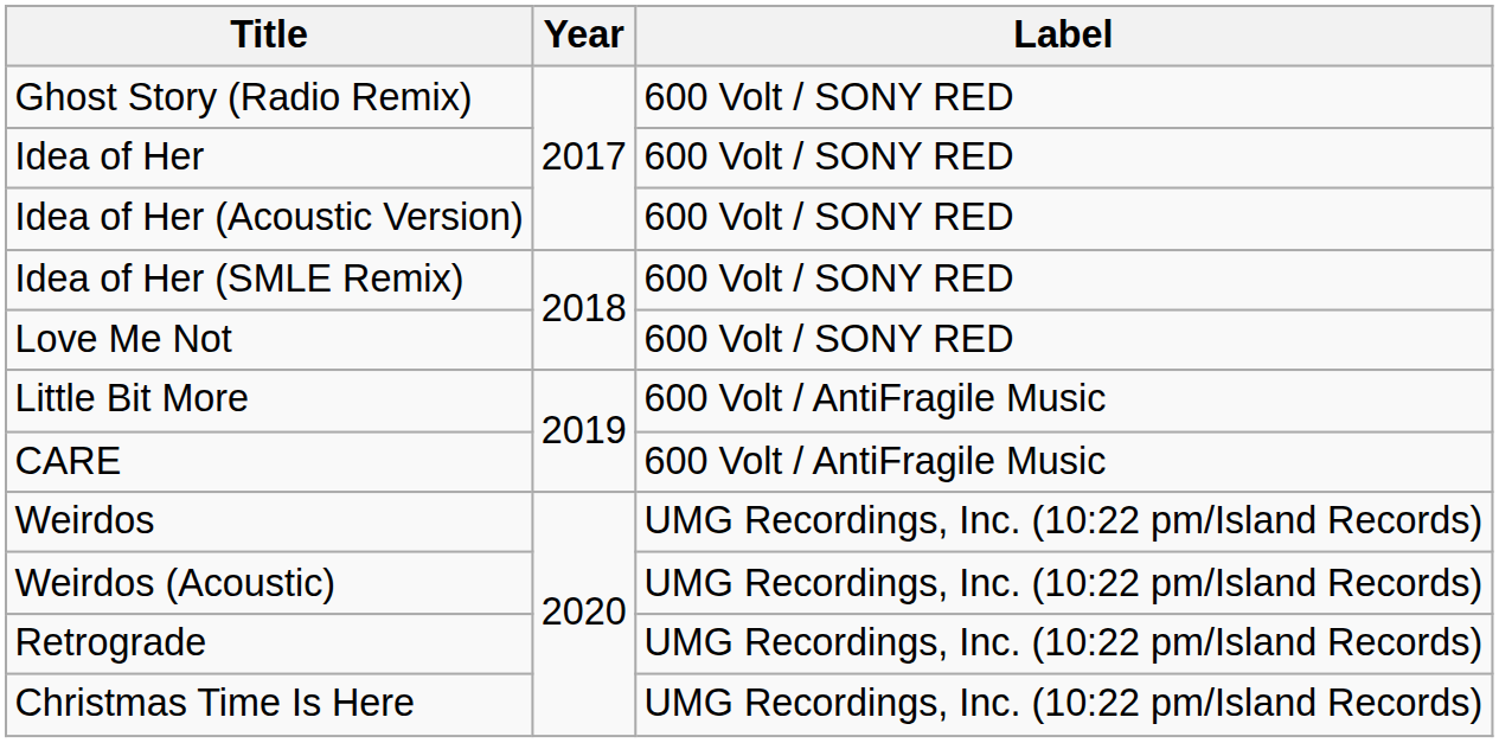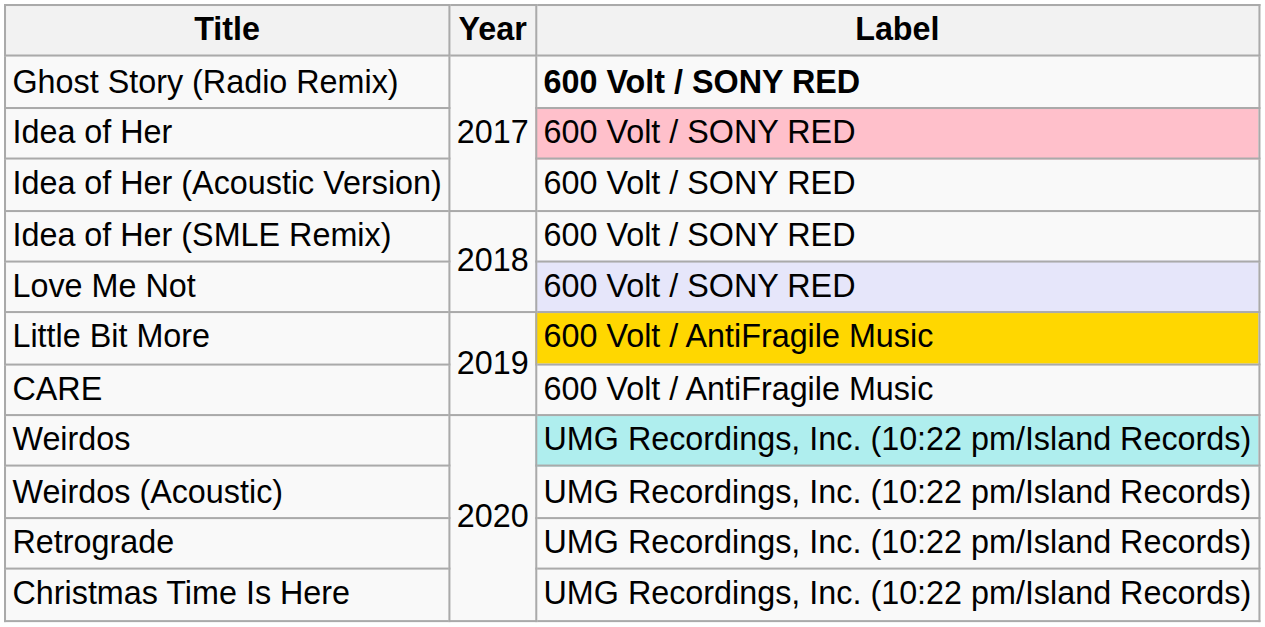 <table class="wikitable">
 <tr>
 <th>Title</th>
 <th>Year</th>
 <th>Label</th>
 </tr>
 <tr>
 <td>Ghost Story (Radio Remix)</td>
 <td rowspan="3">2017</td>
-<td>600 Volt / SONY RED</td>
+<td><strong>600 Volt / SONY RED</strong></td>
 </tr>
 <tr>
 <td>Idea of Her</td>
-<td>600 Volt / SONY RED</td>
+<td style="background: pink;">600 Volt / SONY RED</td>
 </tr>
 <tr>
 <td>Idea of Her (Acoustic Version)</td>
 <td>600 Volt / SONY RED</td>
 </tr>
 <tr>
 <td>Idea of Her (SMLE Remix)</td>
 <td rowspan="2">2018</td>
 <td>600 Volt / SONY RED</td>
 </tr>
 <tr>
 <td>Love Me Not</td>
-<td>600 Volt / SONY RED</td>
+<td style="background: lavender;">600 Volt / SONY RED</td>
 </tr>
 <tr>
 <td>Little Bit More</td>
 <td rowspan="2">2019</td>
-<td>600 Volt / AntiFragile Music</td>
+<td style="background: gold;">600 Volt / AntiFragile Music</td>
 </tr>
 <tr>
 <td>CARE</td>
 <td>600 Volt / AntiFragile Music</td>
 </tr>
 <tr>
 <td>Weirdos</td>
 <td rowspan="4">2020</td>
-<td>UMG Recordings, Inc. (10:22 pm/Island Records)</td>
+<td style="background: paleturquoise;">UMG Recordings, Inc. (10:22 pm/Island Records)</td>
 </tr>
 <tr>
 <td>Weirdos (Acoustic)</td>
 <td>UMG Recordings, Inc. (10:22 pm/Island Records)</td>
 </tr>
 <tr>
 <td>Retrograde</td>
 <td>UMG Recordings, Inc. (10:22 pm/Island Records)</td>
 </tr>
 <tr>
 <td>Christmas Time Is Here</td>
 <td>UMG Recordings, Inc. (10:22 pm/Island Records)</td>
 </tr>
 </table>
